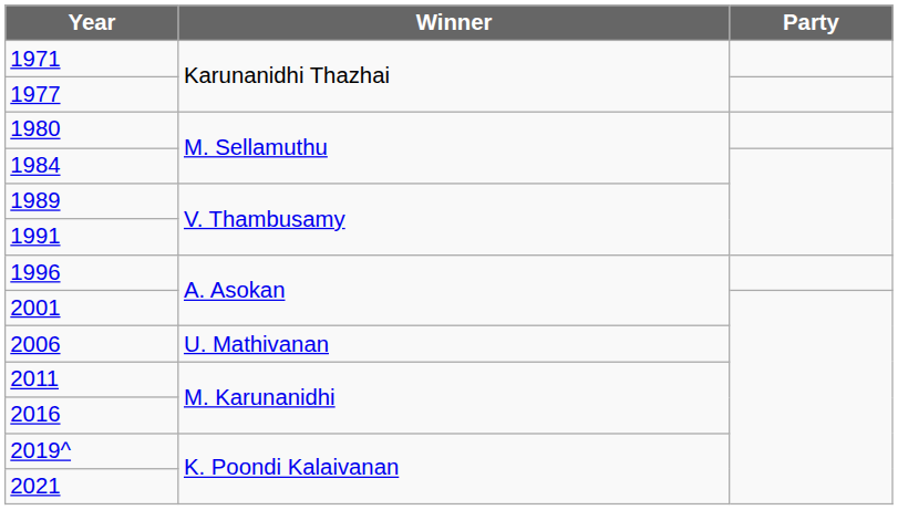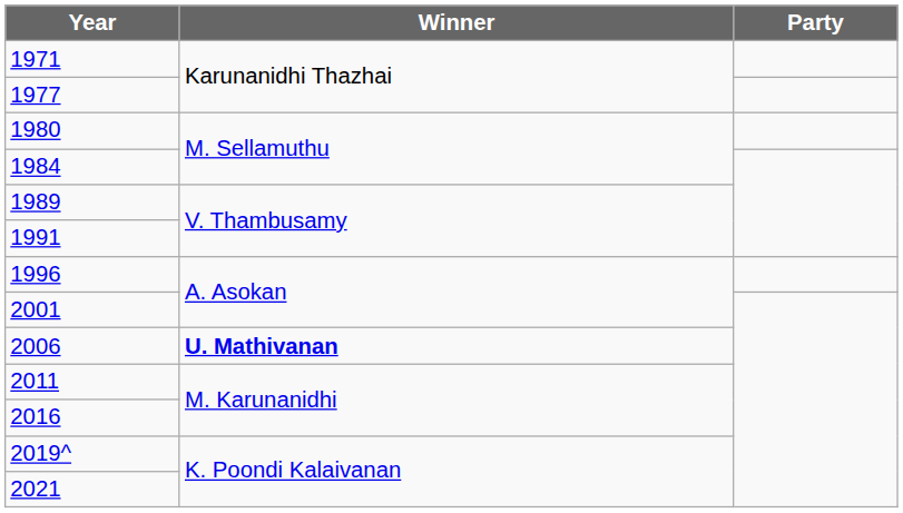 <table class="wikitable" width="50%">
 <tr>
 <th style="background-color:#666666; color:white">Year</th>
 <th style="background-color:#666666; color:white">Winner</th>
 <th style="background-color:#666666; color:white" colspan="2">Party</th>
 </tr>
 <tr>
 <td><a href='#'>1971</a></td>
 <td rowspan=2>Karunanidhi Thazhai</td>
 <td></td>
 </tr>
 <tr>
 <td><a href='#'>1977</a></td>
 </tr>
 <tr>
 <td><a href='#'>1980</a></td>
 <td rowspan=2><a href='#'>M. Sellamuthu</a></td>
 <td></td>
 </tr>
 <tr>
 <td><a href='#'>1984</a></td>
 </tr>
 <tr>
 <td><a href='#'>1989</a></td>
 <td rowspan=2><a href='#'>V. Thambusamy</a></td>
 </tr>
 <tr>
 <td><a href='#'>1991</a></td>
 </tr>
 <tr>
 <td><a href='#'>1996</a></td>
 <td rowspan=2><a href='#'>A. Asokan</a></td>
 <td></td>
 </tr>
 <tr>
 <td><a href='#'>2001</a></td>
 </tr>
 <tr>
 <td><a href='#'>2006</a></td>
-<td><a href='#'>U. Mathivanan</a></td>
+<td><strong><a href='#'>U. Mathivanan</a></strong></td>
 </tr>
 <tr>
 <td><a href='#'>2011</a></td>
 <td rowspan=2><a href='#'>M. Karunanidhi</a></td>
 </tr>
 <tr>
 <td><a href='#'>2016</a></td>
 </tr>
 <tr>
 <td><a href='#'>2019^</a></td>
 <td rowspan=2><a href='#'>K. Poondi Kalaivanan</a></td>
 </tr>
 <tr>
 <td><a href='#'>2021</a></td>
 </tr>
 </table>
